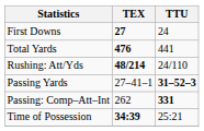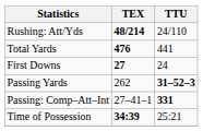 <table class="wikitable" style="float: left;">
 <tr>
 <th>Statistics</th>
 <th>TEX</th>
 <th>TTU</th>
 </tr>
 <tr>
-<td>First Downs</td>
-<td><strong>27</strong></td>
-<td>24</td>
+<td>Rushing: Att/Yds</td>
+<td><strong>48/214</strong></td>
+<td>24/110</td>
 </tr>
 <tr>
 <td>Total Yards</td>
 <td><strong>476</strong></td>
 <td>441</td>
 </tr>
 <tr>
-<td>Rushing: Att/Yds</td>
-<td><strong>48/214</strong></td>
-<td>24/110</td>
+<td>First Downs</td>
+<td><strong>27</strong></td>
+<td>24</td>
 </tr>
 <tr>
 <td>Passing Yards</td>
-<td>27–41–1</td>
+<td>262</td>
 <td><strong>31–52–3</strong></td>
 </tr>
 <tr>
 <td>Passing: Comp–Att–Int</td>
-<td>262</td>
+<td>27–41–1</td>
 <td><strong>331</strong></td>
 </tr>
 <tr>
 <td>Time of Possession</td>
 <td><strong>34:39</strong></td>
 <td>25:21</td>
 </tr>
 <tr>
 </tr>
 </table>
